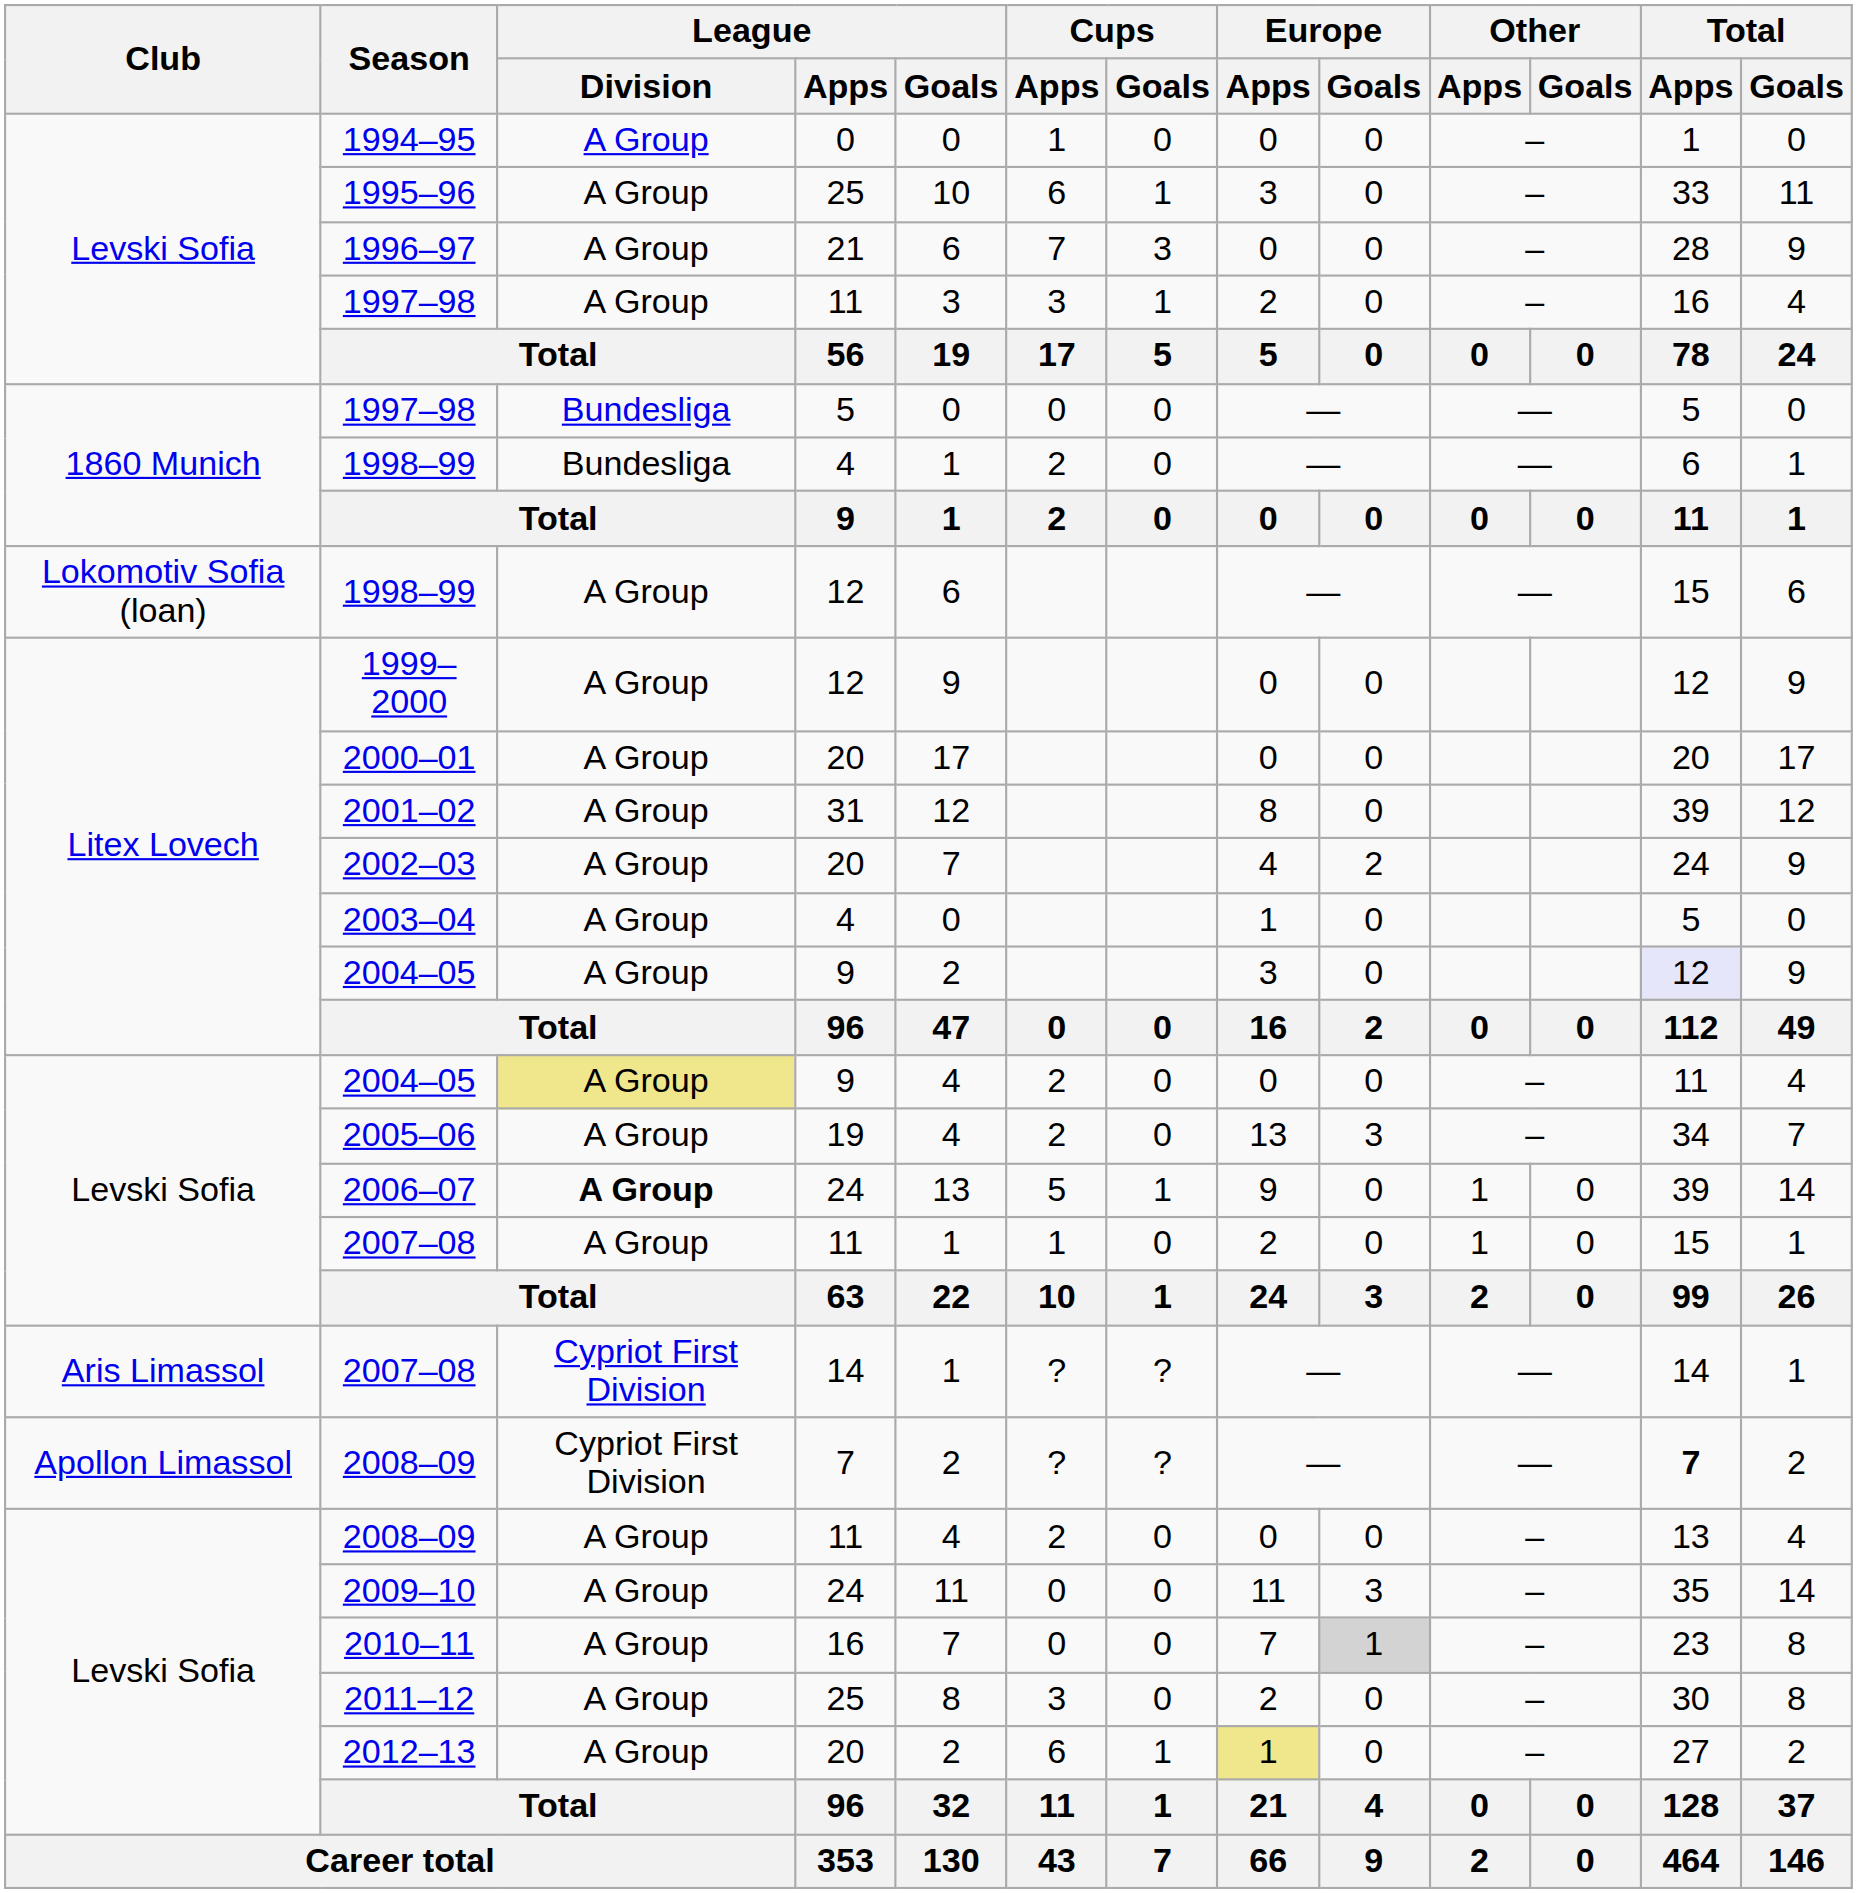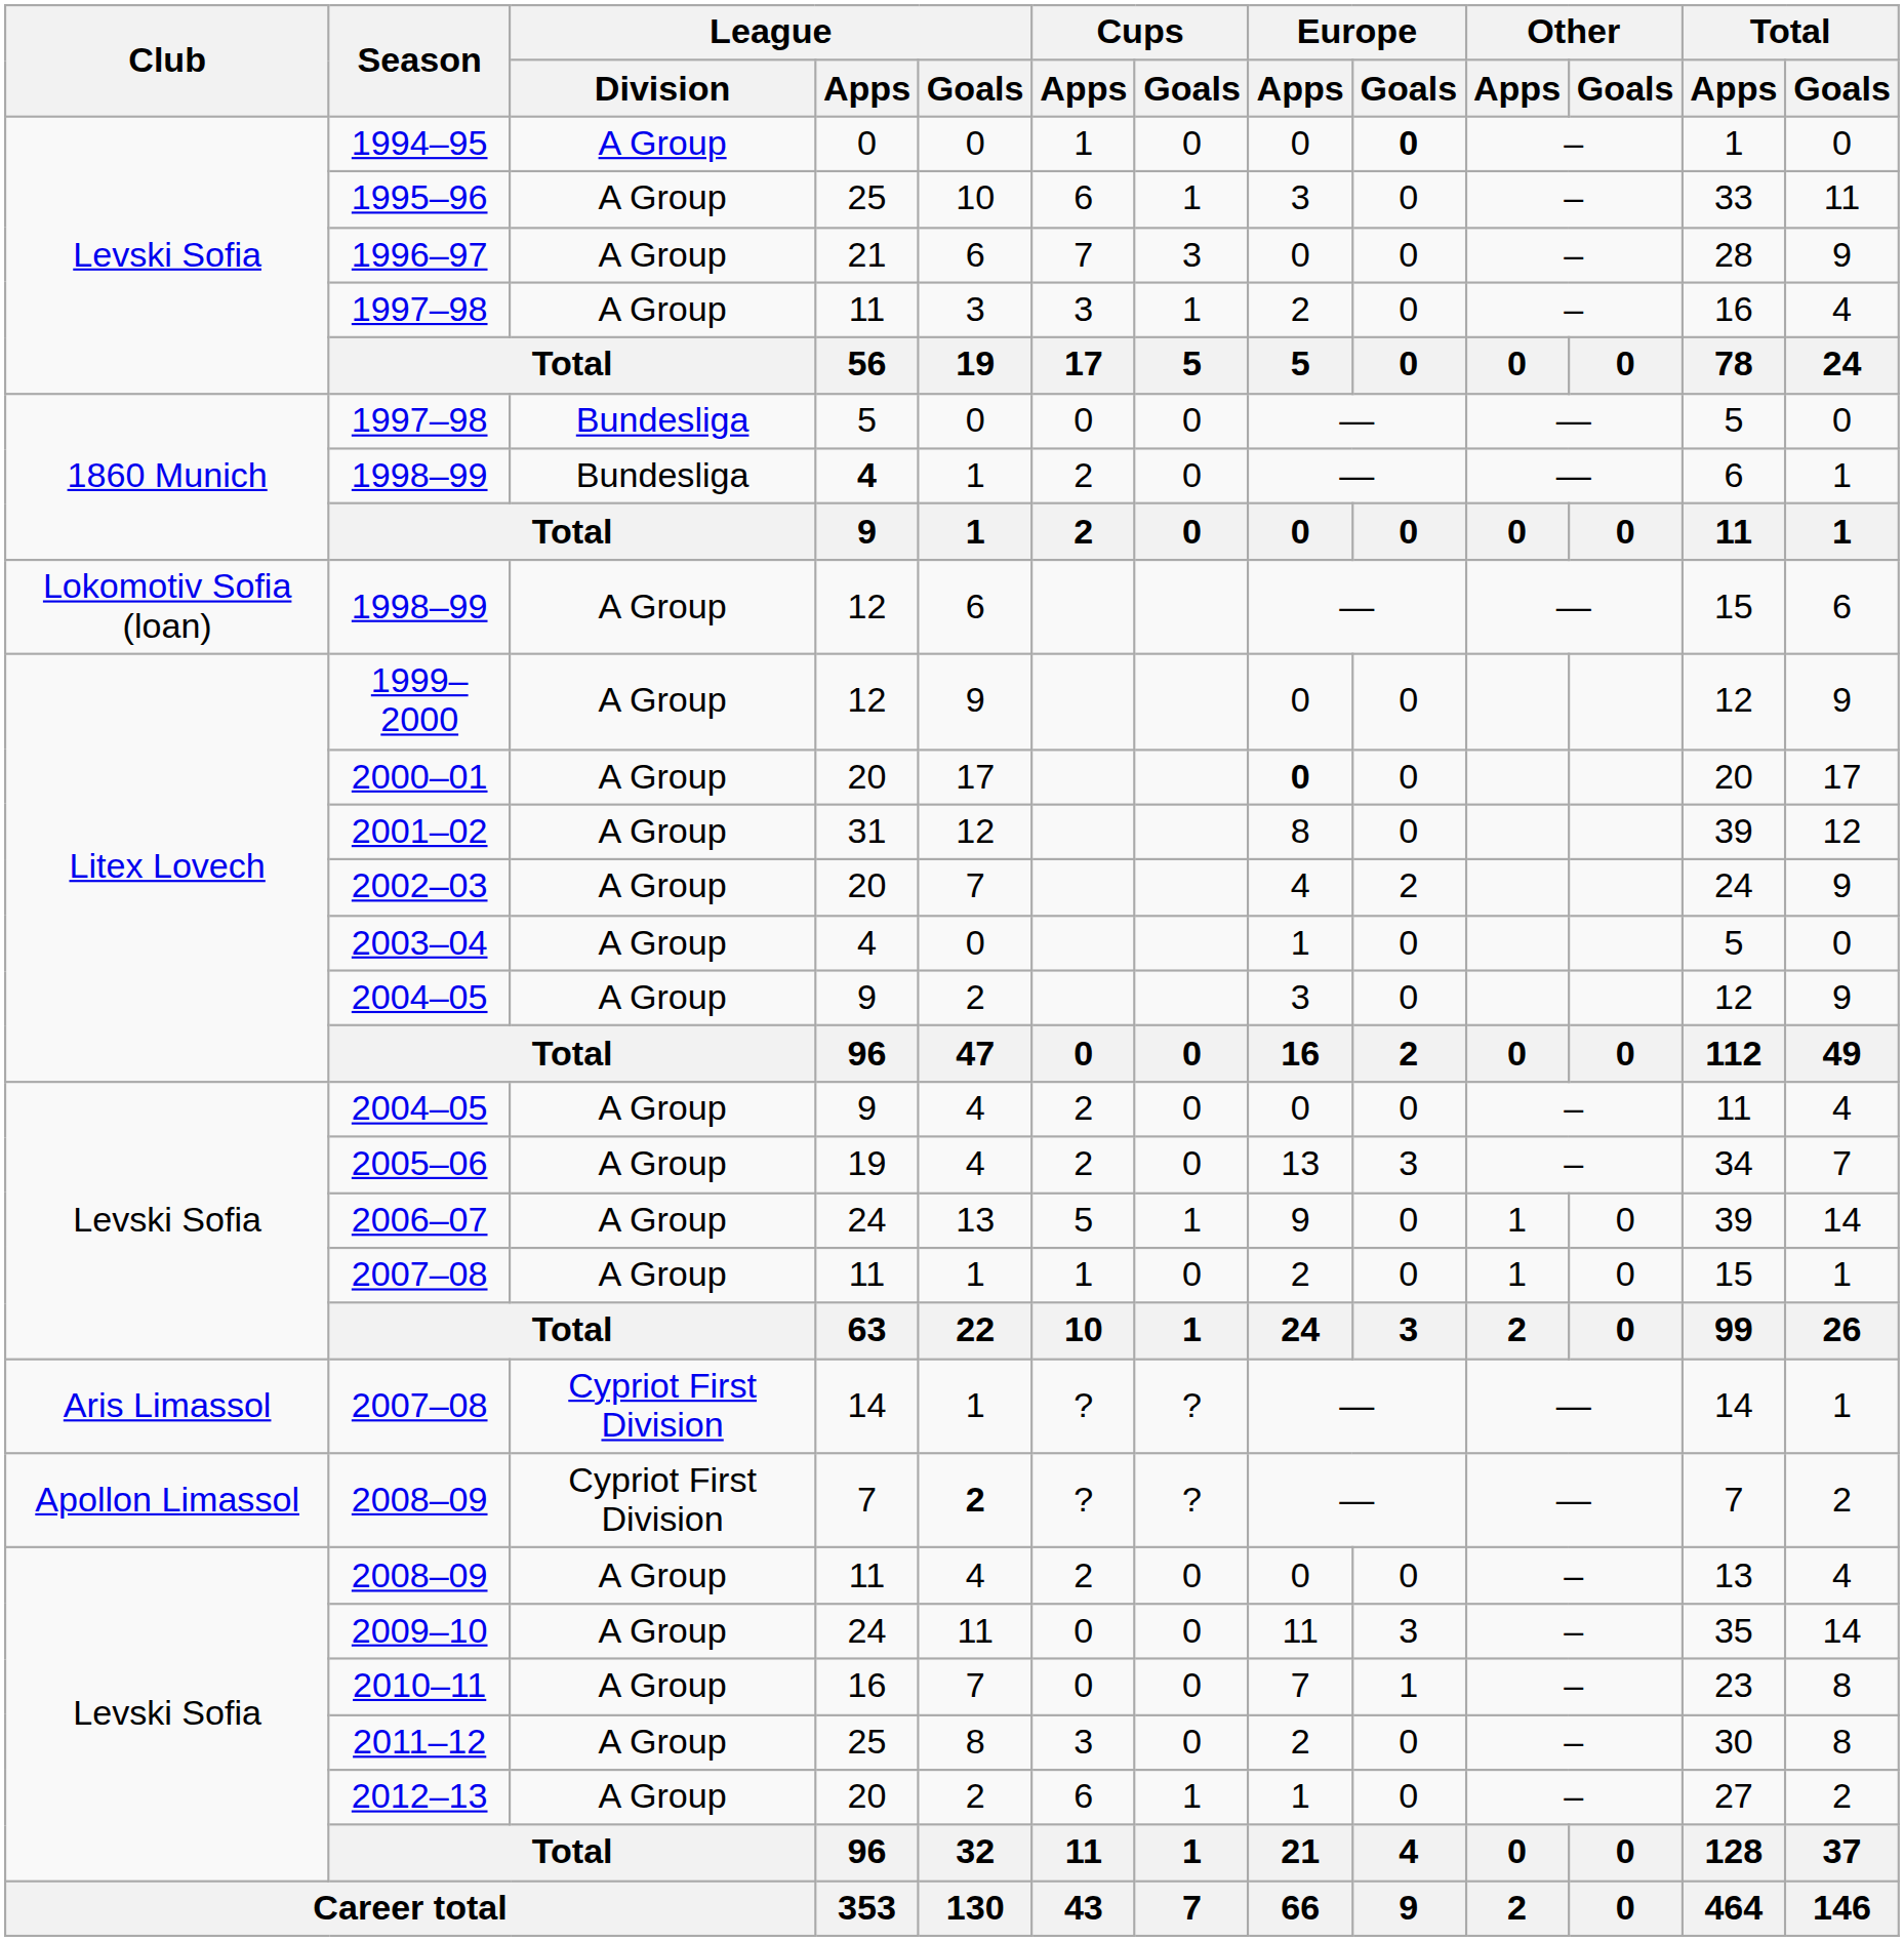 <table class="wikitable" style="text-align:center">
 <tr>
 <th rowspan="2">Club</th>
 <th rowspan="2">Season</th>
 <th colspan="3">League</th>
 <th colspan="2">Cups</th>
 <th colspan="2">Europe</th>
 <th colspan="2">Other</th>
 <th colspan="2">Total</th>
 </tr>
 <tr>
 <th>Division</th>
 <th>Apps</th>
 <th>Goals</th>
 <th>Apps</th>
 <th>Goals</th>
 <th>Apps</th>
 <th>Goals</th>
 <th>Apps</th>
 <th>Goals</th>
 <th>Apps</th>
 <th>Goals</th>
 </tr>
 <tr>
 <td rowspan="5"><a href='#'>Levski Sofia</a></td>
 <td><a href='#'>1994–95</a></td>
 <td><a href='#'>A Group</a></td>
 <td>0</td>
 <td>0</td>
 <td>1</td>
 <td>0</td>
 <td>0</td>
-<td>0</td>
+<td><strong>0</strong></td>
 <td colspan="2">–</td>
 <td>1</td>
 <td>0</td>
 </tr>
 <tr>
 <td><a href='#'>1995–96</a></td>
 <td>A Group</td>
 <td>25</td>
 <td>10</td>
 <td>6</td>
 <td>1</td>
 <td>3</td>
 <td>0</td>
 <td colspan="2">–</td>
 <td>33</td>
 <td>11</td>
 </tr>
 <tr>
 <td><a href='#'>1996–97</a></td>
 <td>A Group</td>
 <td>21</td>
 <td>6</td>
 <td>7</td>
 <td>3</td>
 <td>0</td>
 <td>0</td>
 <td colspan="2">–</td>
 <td>28</td>
 <td>9</td>
 </tr>
 <tr>
 <td><a href='#'>1997–98</a></td>
 <td>A Group</td>
 <td>11</td>
 <td>3</td>
 <td>3</td>
 <td>1</td>
 <td>2</td>
 <td>0</td>
 <td colspan="2">–</td>
 <td>16</td>
 <td>4</td>
 </tr>
 <tr>
 <th colspan="2">Total</th>
 <th>56</th>
 <th>19</th>
 <th>17</th>
 <th>5</th>
 <th>5</th>
 <th>0</th>
 <th>0</th>
 <th>0</th>
 <th>78</th>
 <th>24</th>
 </tr>
 <tr>
 <td rowspan="3"><a href='#'>1860 Munich</a></td>
 <td><a href='#'>1997–98</a></td>
 <td><a href='#'>Bundesliga</a></td>
 <td>5</td>
 <td>0</td>
 <td>0</td>
 <td>0</td>
 <td colspan="2">—</td>
 <td colspan="2">—</td>
 <td>5</td>
 <td>0</td>
 </tr>
 <tr>
 <td><a href='#'>1998–99</a></td>
 <td>Bundesliga</td>
-<td>4</td>
+<td><strong>4</strong></td>
 <td>1</td>
 <td>2</td>
 <td>0</td>
 <td colspan="2">—</td>
 <td colspan="2">—</td>
 <td>6</td>
 <td>1</td>
 </tr>
 <tr>
 <th colspan="2">Total</th>
 <th>9</th>
 <th>1</th>
 <th>2</th>
 <th>0</th>
 <th>0</th>
 <th>0</th>
 <th>0</th>
 <th>0</th>
 <th>11</th>
 <th>1</th>
 </tr>
 <tr>
 <td><a href='#'>Lokomotiv Sofia</a> (loan)</td>
 <td><a href='#'>1998–99</a></td>
 <td>A Group</td>
 <td>12</td>
 <td>6</td>
 <td></td>
 <td></td>
 <td colspan="2">—</td>
 <td colspan="2">—</td>
 <td>15</td>
 <td>6</td>
 </tr>
 <tr>
 <td rowspan="7"><a href='#'>Litex Lovech</a></td>
 <td><a href='#'>1999–2000</a></td>
 <td>A Group</td>
 <td>12</td>
 <td>9</td>
 <td></td>
 <td></td>
 <td>0</td>
 <td>0</td>
 <td></td>
 <td></td>
 <td>12</td>
 <td>9</td>
 </tr>
 <tr>
 <td><a href='#'>2000–01</a></td>
 <td>A Group</td>
 <td>20</td>
 <td>17</td>
 <td></td>
 <td></td>
-<td>0</td>
+<td><strong>0</strong></td>
 <td>0</td>
 <td></td>
 <td></td>
 <td>20</td>
 <td>17</td>
 </tr>
 <tr>
 <td><a href='#'>2001–02</a></td>
 <td>A Group</td>
 <td>31</td>
 <td>12</td>
 <td></td>
 <td></td>
 <td>8</td>
 <td>0</td>
 <td></td>
 <td></td>
 <td>39</td>
 <td>12</td>
 </tr>
 <tr>
 <td><a href='#'>2002–03</a></td>
 <td>A Group</td>
 <td>20</td>
 <td>7</td>
 <td></td>
 <td></td>
 <td>4</td>
 <td>2</td>
 <td></td>
 <td></td>
 <td>24</td>
 <td>9</td>
 </tr>
 <tr>
 <td><a href='#'>2003–04</a></td>
 <td>A Group</td>
 <td>4</td>
 <td>0</td>
 <td></td>
 <td></td>
 <td>1</td>
 <td>0</td>
 <td></td>
 <td></td>
 <td>5</td>
 <td>0</td>
 </tr>
 <tr>
 <td><a href='#'>2004–05</a></td>
 <td>A Group</td>
 <td>9</td>
 <td>2</td>
 <td></td>
 <td></td>
 <td>3</td>
 <td>0</td>
 <td></td>
 <td></td>
-<td style="background: lavender;">12</td>
+<td>12</td>
 <td>9</td>
 </tr>
 <tr>
 <th colspan="2">Total</th>
 <th>96</th>
 <th>47</th>
 <th>0</th>
 <th>0</th>
 <th>16</th>
 <th>2</th>
 <th>0</th>
 <th>0</th>
 <th>112</th>
 <th>49</th>
 </tr>
 <tr>
 <td rowspan="5">Levski Sofia</td>
 <td><a href='#'>2004–05</a></td>
-<td style="background: khaki;">A Group</td>
+<td>A Group</td>
 <td>9</td>
 <td>4</td>
 <td>2</td>
 <td>0</td>
 <td>0</td>
 <td>0</td>
 <td colspan="2">–</td>
 <td>11</td>
 <td>4</td>
 </tr>
 <tr>
 <td><a href='#'>2005–06</a></td>
 <td>A Group</td>
 <td>19</td>
 <td>4</td>
 <td>2</td>
 <td>0</td>
 <td>13</td>
 <td>3</td>
 <td colspan="2">–</td>
 <td>34</td>
 <td>7</td>
 </tr>
 <tr>
 <td><a href='#'>2006–07</a></td>
-<td><strong>A Group</strong></td>
+<td>A Group</td>
 <td>24</td>
 <td>13</td>
 <td>5</td>
 <td>1</td>
 <td>9</td>
 <td>0</td>
 <td>1</td>
 <td>0</td>
 <td>39</td>
 <td>14</td>
 </tr>
 <tr>
 <td><a href='#'>2007–08</a></td>
 <td>A Group</td>
 <td>11</td>
 <td>1</td>
 <td>1</td>
 <td>0</td>
 <td>2</td>
 <td>0</td>
 <td>1</td>
 <td>0</td>
 <td>15</td>
 <td>1</td>
 </tr>
 <tr>
 <th colspan="2">Total</th>
 <th>63</th>
 <th>22</th>
 <th>10</th>
 <th>1</th>
 <th>24</th>
 <th>3</th>
 <th>2</th>
 <th>0</th>
 <th>99</th>
 <th>26</th>
 </tr>
 <tr>
 <td><a href='#'>Aris Limassol</a></td>
 <td><a href='#'>2007–08</a></td>
 <td><a href='#'>Cypriot First Division</a></td>
 <td>14</td>
 <td>1</td>
 <td>?</td>
 <td>?</td>
 <td colspan="2">—</td>
 <td colspan="2">—</td>
 <td>14</td>
 <td>1</td>
 </tr>
 <tr>
 <td><a href='#'>Apollon Limassol</a></td>
 <td><a href='#'>2008–09</a></td>
 <td>Cypriot First Division</td>
 <td>7</td>
-<td>2</td>
+<td><strong>2</strong></td>
 <td>?</td>
 <td>?</td>
 <td colspan="2">—</td>
 <td colspan="2">—</td>
-<td><strong>7</strong></td>
+<td>7</td>
 <td>2</td>
 </tr>
 <tr>
 <td rowspan="6">Levski Sofia</td>
 <td><a href='#'>2008–09</a></td>
 <td>A Group</td>
 <td>11</td>
 <td>4</td>
 <td>2</td>
 <td>0</td>
 <td>0</td>
 <td>0</td>
 <td colspan="2">–</td>
 <td>13</td>
 <td>4</td>
 </tr>
 <tr>
 <td><a href='#'>2009–10</a></td>
 <td>A Group</td>
 <td>24</td>
 <td>11</td>
 <td>0</td>
 <td>0</td>
 <td>11</td>
 <td>3</td>
 <td colspan="2">–</td>
 <td>35</td>
 <td>14</td>
 </tr>
 <tr>
 <td><a href='#'>2010–11</a></td>
 <td>A Group</td>
 <td>16</td>
 <td>7</td>
 <td>0</td>
 <td>0</td>
 <td>7</td>
-<td style="background: lightgrey;">1</td>
+<td>1</td>
 <td colspan="2">–</td>
 <td>23</td>
 <td>8</td>
 </tr>
 <tr>
 <td><a href='#'>2011–12</a></td>
 <td>A Group</td>
 <td>25</td>
 <td>8</td>
 <td>3</td>
 <td>0</td>
 <td>2</td>
 <td>0</td>
 <td colspan="2">–</td>
 <td>30</td>
 <td>8</td>
 </tr>
 <tr>
 <td><a href='#'>2012–13</a></td>
 <td>A Group</td>
 <td>20</td>
 <td>2</td>
 <td>6</td>
 <td>1</td>
-<td style="background: khaki;">1</td>
+<td>1</td>
 <td>0</td>
 <td colspan="2">–</td>
 <td>27</td>
 <td>2</td>
 </tr>
 <tr>
 <th colspan="2">Total</th>
 <th>96</th>
 <th>32</th>
 <th>11</th>
 <th>1</th>
 <th>21</th>
 <th>4</th>
 <th>0</th>
 <th>0</th>
 <th>128</th>
 <th>37</th>
 </tr>
 <tr>
 <th colspan="3">Career total</th>
 <th>353</th>
 <th>130</th>
 <th>43</th>
 <th>7</th>
 <th>66</th>
 <th>9</th>
 <th>2</th>
 <th>0</th>
 <th>464</th>
 <th>146</th>
 </tr>
 </table>
